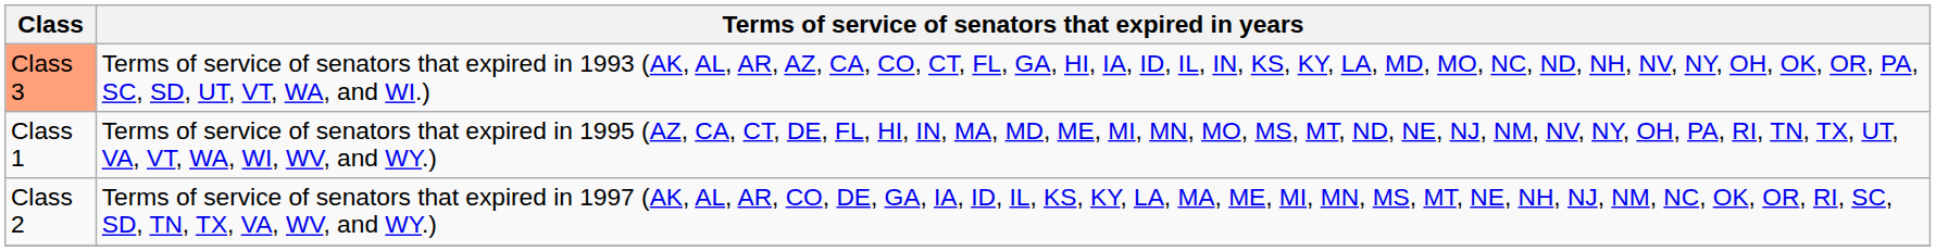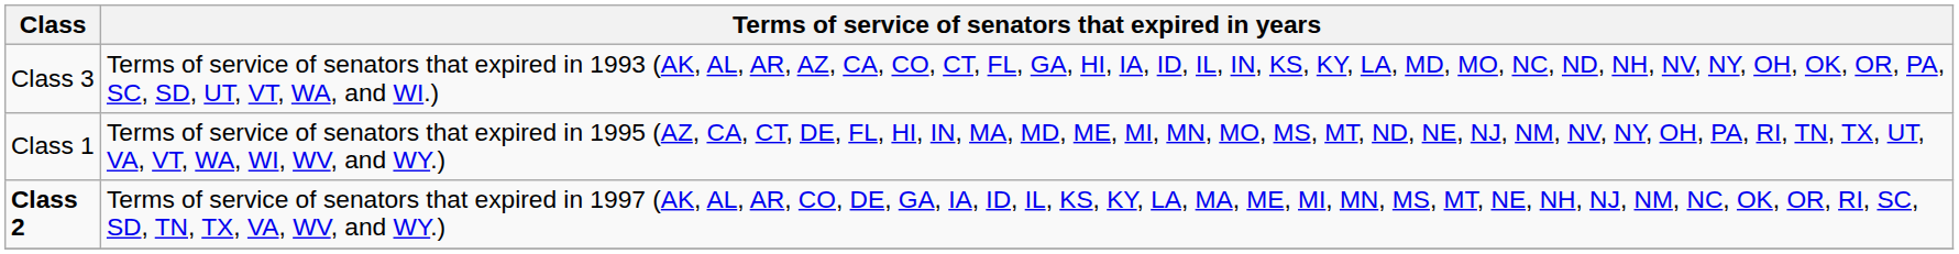 <table class="wikitable sortable">
 <tr valign=bottom>
 <th>Class</th>
 <th>Terms of service of senators that expired in years</th>
 </tr>
 <tr>
-<td style="background: lightsalmon;">Class 3</td>
+<td>Class 3</td>
 <td>Terms of service of senators that expired in 1993 (<a href='#'>AK</a>, <a href='#'>AL</a>, <a href='#'>AR</a>, <a href='#'>AZ</a>, <a href='#'>CA</a>, <a href='#'>CO</a>, <a href='#'>CT</a>, <a href='#'>FL</a>, <a href='#'>GA</a>, <a href='#'>HI</a>, <a href='#'>IA</a>, <a href='#'>ID</a>, <a href='#'>IL</a>, <a href='#'>IN</a>, <a href='#'>KS</a>, <a href='#'>KY</a>, <a href='#'>LA</a>, <a href='#'>MD</a>, <a href='#'>MO</a>, <a href='#'>NC</a>, <a href='#'>ND</a>, <a href='#'>NH</a>, <a href='#'>NV</a>, <a href='#'>NY</a>, <a href='#'>OH</a>, <a href='#'>OK</a>, <a href='#'>OR</a>, <a href='#'>PA</a>, <a href='#'>SC</a>, <a href='#'>SD</a>, <a href='#'>UT</a>, <a href='#'>VT</a>, <a href='#'>WA</a>, and <a href='#'>WI</a>.)</td>
 </tr>
 <tr>
 <td>Class 1</td>
 <td>Terms of service of senators that expired in 1995 (<a href='#'>AZ</a>, <a href='#'>CA</a>, <a href='#'>CT</a>, <a href='#'>DE</a>, <a href='#'>FL</a>, <a href='#'>HI</a>, <a href='#'>IN</a>, <a href='#'>MA</a>, <a href='#'>MD</a>, <a href='#'>ME</a>, <a href='#'>MI</a>, <a href='#'>MN</a>, <a href='#'>MO</a>, <a href='#'>MS</a>, <a href='#'>MT</a>, <a href='#'>ND</a>, <a href='#'>NE</a>, <a href='#'>NJ</a>, <a href='#'>NM</a>, <a href='#'>NV</a>, <a href='#'>NY</a>, <a href='#'>OH</a>, <a href='#'>PA</a>, <a href='#'>RI</a>, <a href='#'>TN</a>, <a href='#'>TX</a>, <a href='#'>UT</a>, <a href='#'>VA</a>, <a href='#'>VT</a>, <a href='#'>WA</a>, <a href='#'>WI</a>, <a href='#'>WV</a>, and <a href='#'>WY</a>.)</td>
 </tr>
 <tr>
-<td>Class 2</td>
+<td><strong>Class 2</strong></td>
 <td>Terms of service of senators that expired in 1997 (<a href='#'>AK</a>, <a href='#'>AL</a>, <a href='#'>AR</a>, <a href='#'>CO</a>, <a href='#'>DE</a>, <a href='#'>GA</a>, <a href='#'>IA</a>, <a href='#'>ID</a>, <a href='#'>IL</a>, <a href='#'>KS</a>, <a href='#'>KY</a>, <a href='#'>LA</a>, <a href='#'>MA</a>, <a href='#'>ME</a>, <a href='#'>MI</a>, <a href='#'>MN</a>, <a href='#'>MS</a>, <a href='#'>MT</a>, <a href='#'>NE</a>, <a href='#'>NH</a>, <a href='#'>NJ</a>, <a href='#'>NM</a>, <a href='#'>NC</a>, <a href='#'>OK</a>, <a href='#'>OR</a>, <a href='#'>RI</a>, <a href='#'>SC</a>, <a href='#'>SD</a>, <a href='#'>TN</a>, <a href='#'>TX</a>, <a href='#'>VA</a>, <a href='#'>WV</a>, and <a href='#'>WY</a>.)</td>
 </tr>
 <tr>
 </tr>
 </table>
